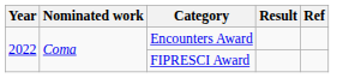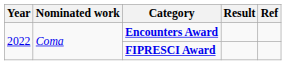 <table class="wikitable sortable">
 <tr>
 <th>Year</th>
 <th>Nominated work</th>
 <th>Category</th>
 <th>Result</th>
 <th>Ref</th>
 </tr>
 <tr>
 <td rowspan=2><a href='#'>2022</a></td>
 <td rowspan=2><em><a href='#'>Coma</a></em></td>
-<td><a href='#'>Encounters Award</a></td>
+<td><strong><a href='#'>Encounters Award</a></strong></td>
 <td></td>
 <td></td>
 </tr>
 <tr>
-<td><a href='#'>FIPRESCI Award</a></td>
+<td><strong><a href='#'>FIPRESCI Award</a></strong></td>
 <td></td>
 <td></td>
 </tr>
 </table>
